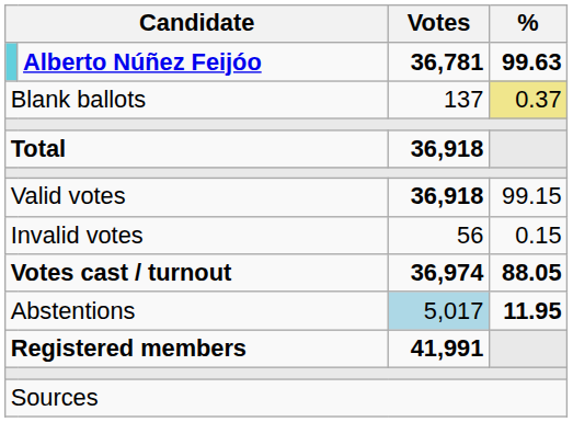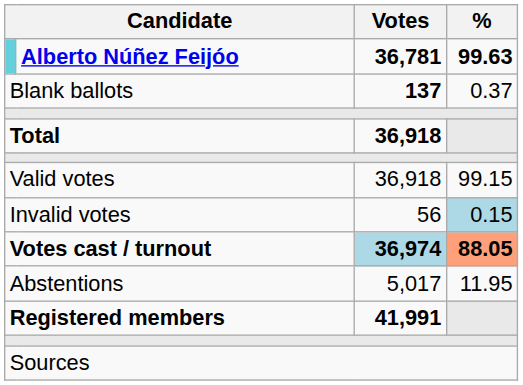 <table class="wikitable" style="text-align:right;">
 <tr>
 <th colspan="2" width="250">Candidate</th>
 <th width="60">Votes</th>
 <th width="45">%</th>
 </tr>
 <tr>
 <td width="1" style="color:inherit;background:#62D0DD"></td>
 <td align="left"><strong><a href='#'>Alberto Núñez Feijóo</a></strong></td>
 <td><strong>36,781</strong></td>
 <td><strong>99.63</strong></td>
 </tr>
 <tr>
 <td align="left" colspan="2">Blank ballots</td>
-<td>137</td>
-<td style="background: khaki;">0.37</td>
+<td><strong>137</strong></td>
+<td>0.37</td>
 </tr>
 <tr>
 <td colspan="8" bgcolor="#E9E9E9"></td>
 </tr>
 <tr style="font-weight:bold;">
 <td align="left" colspan="2">Total</td>
 <td>36,918</td>
 <td bgcolor="#E9E9E9"></td>
 </tr>
 <tr>
 <td colspan="4" bgcolor="#E9E9E9"></td>
 </tr>
 <tr>
 <td align="left" colspan="2">Valid votes</td>
-<td><strong>36,918</strong></td>
+<td>36,918</td>
 <td>99.15</td>
 </tr>
 <tr>
 <td align="left" colspan="2">Invalid votes</td>
 <td>56</td>
-<td>0.15</td>
+<td style="background: lightblue;">0.15</td>
 </tr>
 <tr style="font-weight:bold;">
 <td align="left" colspan="2">Votes cast / turnout</td>
-<td>36,974</td>
-<td>88.05</td>
+<td style="background: lightblue;">36,974</td>
+<td style="background: lightsalmon;">88.05</td>
 </tr>
 <tr>
 <td align="left" colspan="2">Abstentions</td>
-<td style="background: lightblue;">5,017</td>
-<td><strong>11.95</strong></td>
+<td>5,017</td>
+<td>11.95</td>
 </tr>
 <tr style="font-weight:bold;">
 <td align="left" colspan="2">Registered members</td>
 <td>41,991</td>
 <td bgcolor="#E9E9E9"></td>
 </tr>
 <tr>
 <td colspan="4" bgcolor="#E9E9E9"></td>
 </tr>
 <tr>
 <td align="left" colspan="4">Sources</td>
 </tr>
 </table>
